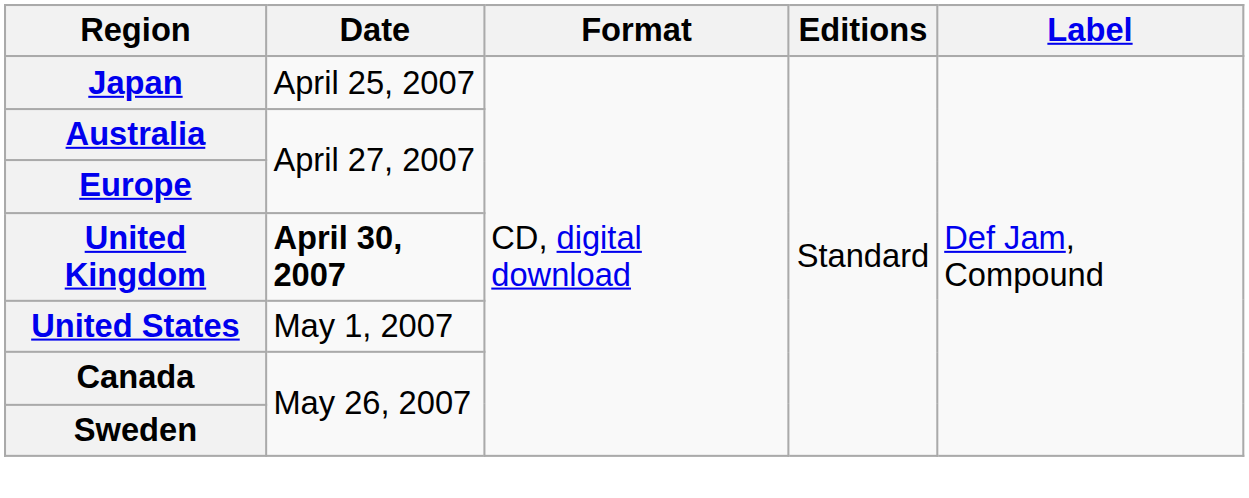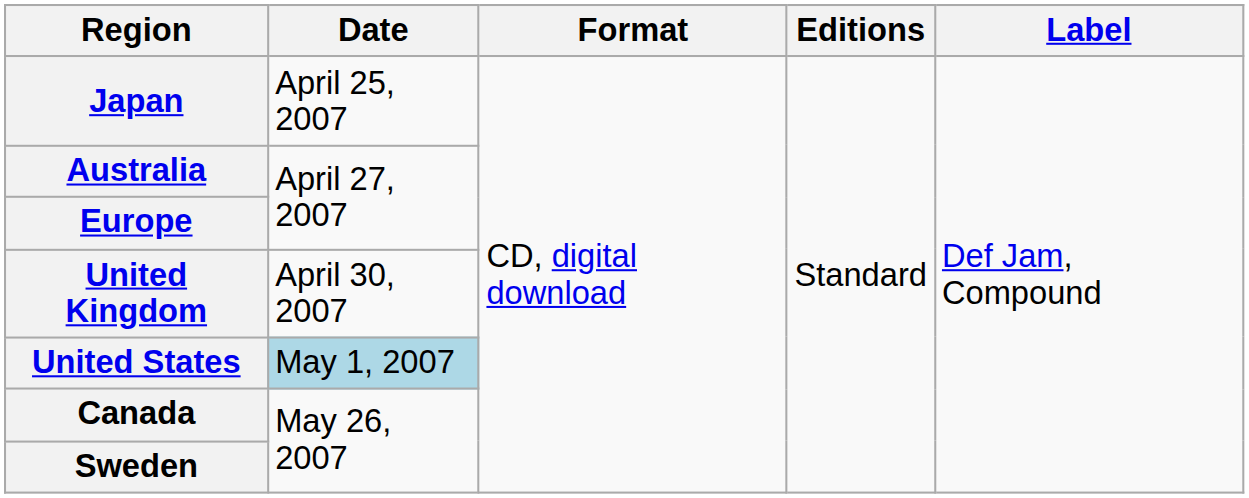 <table class="wikitable plainrowheaders">
 <tr>
 <th scope="col">Region</th>
 <th>Date</th>
 <th>Format</th>
 <th>Editions</th>
 <th><a href='#'>Label</a></th>
 </tr>
 <tr>
 <th scope="row"><a href='#'>Japan</a></th>
 <td>April 25, 2007</td>
 <td rowspan="7">CD, <a href='#'>digital download</a></td>
 <td rowspan="7">Standard</td>
 <td rowspan="7"><a href='#'>Def Jam</a>, Compound</td>
 </tr>
 <tr>
 <th scope="row"><a href='#'>Australia</a></th>
 <td rowspan="2">April 27, 2007</td>
 </tr>
 <tr>
 <th scope="row"><a href='#'>Europe</a></th>
 </tr>
 <tr>
 <th scope="row"><a href='#'>United Kingdom</a></th>
-<td><strong>April 30, 2007</strong></td>
+<td>April 30, 2007</td>
 </tr>
 <tr>
 <th scope="row"><a href='#'>United States</a></th>
-<td>May 1, 2007</td>
+<td style="background: lightblue;">May 1, 2007</td>
 </tr>
 <tr>
 <th scope="row">Canada</th>
 <td rowspan="2">May 26, 2007</td>
 </tr>
 <tr>
 <th scope="row">Sweden</th>
 </tr>
 </table>
